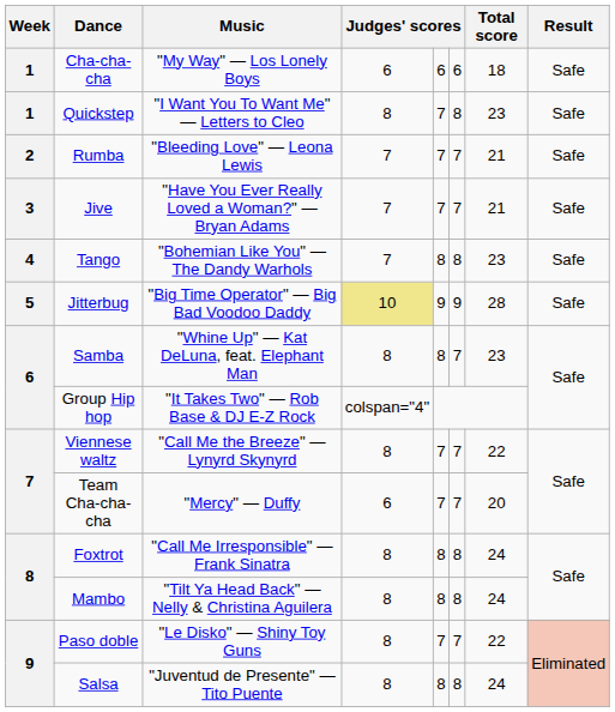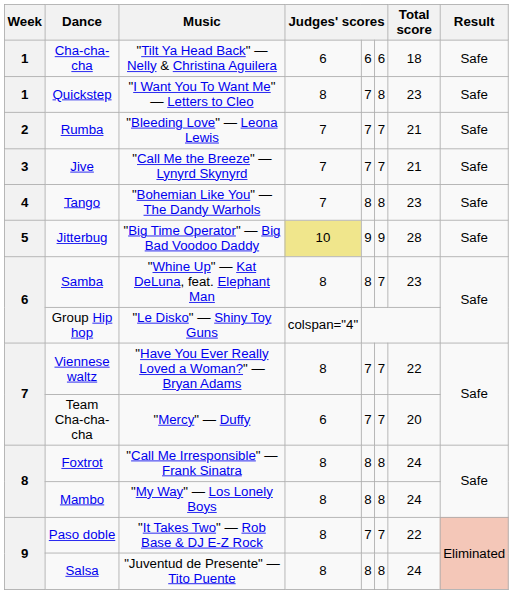 <table class="wikitable unsortable" style="text-align:center;">
 <tr>
 <th scope="col">Week</th>
 <th scope="col">Dance</th>
 <th scope="col">Music</th>
 <th scope="col" colspan="3">Judges' scores</th>
 <th>Total score</th>
 <th scope="col">Result</th>
 </tr>
 <tr>
 <th scope="row">1<br></th>
 <td><a href='#'>Cha-cha-cha</a></td>
-<td>"<a href='#'>My Way</a>" — <a href='#'>Los Lonely Boys</a></td>
+<td>"<a href='#'>Tilt Ya Head Back</a>" — <a href='#'>Nelly</a> & <a href='#'>Christina Aguilera</a></td>
 <td>6</td>
 <td>6</td>
 <td>6</td>
 <td>18</td>
 <td>Safe</td>
 </tr>
 <tr>
 <th scope="row">1<br></th>
 <td><a href='#'>Quickstep</a></td>
 <td>"<a href='#'>I Want You To Want Me</a>" — <a href='#'>Letters to Cleo</a></td>
 <td>8</td>
 <td>7</td>
 <td>8</td>
 <td>23</td>
 <td>Safe</td>
 </tr>
 <tr>
 <th scope="row">2</th>
 <td><a href='#'>Rumba</a></td>
 <td>"<a href='#'>Bleeding Love</a>" — <a href='#'>Leona Lewis</a></td>
 <td>7</td>
 <td>7</td>
 <td>7</td>
 <td>21</td>
 <td>Safe</td>
 </tr>
 <tr>
 <th scope="row">3</th>
 <td><a href='#'>Jive</a></td>
-<td>"<a href='#'>Have You Ever Really Loved a Woman?</a>" — <a href='#'>Bryan Adams</a></td>
+<td>"<a href='#'>Call Me the Breeze</a>" — <a href='#'>Lynyrd Skynyrd</a></td>
 <td>7</td>
 <td>7</td>
 <td>7</td>
 <td>21</td>
 <td>Safe</td>
 </tr>
 <tr>
 <th scope="row">4</th>
 <td><a href='#'>Tango</a></td>
 <td>"<a href='#'>Bohemian Like You</a>" — <a href='#'>The Dandy Warhols</a></td>
 <td>7</td>
 <td>8</td>
 <td>8</td>
 <td>23</td>
 <td>Safe</td>
 </tr>
 <tr>
 <th scope="row">5</th>
 <td><a href='#'>Jitterbug</a></td>
 <td>"<a href='#'>Big Time Operator</a>" — <a href='#'>Big Bad Voodoo Daddy</a></td>
 <td style="background: khaki;">10</td>
 <td>9</td>
 <td>9</td>
 <td>28</td>
 <td>Safe</td>
 </tr>
 <tr>
 <th rowspan="2" scope="row">6</th>
 <td><a href='#'>Samba</a></td>
 <td>"<a href='#'>Whine Up</a>" — <a href='#'>Kat DeLuna</a>, feat. <a href='#'>Elephant Man</a></td>
 <td>8</td>
 <td>8</td>
 <td>7</td>
 <td>23</td>
 <td rowspan="2">Safe</td>
 </tr>
 <tr>
 <td>Group <a href='#'>Hip hop</a></td>
-<td>"<a href='#'>It Takes Two</a>" — <a href='#'>Rob Base & DJ E-Z Rock</a></td>
+<td>"<a href='#'>Le Disko</a>" — <a href='#'>Shiny Toy Guns</a></td>
 <td>colspan="4" </td>
 </tr>
 <tr>
 <th rowspan="2" scope="row" style="font-weight:normal"><strong>7</strong><br></th>
 <td><a href='#'>Viennese waltz</a></td>
-<td>"<a href='#'>Call Me the Breeze</a>" — <a href='#'>Lynyrd Skynyrd</a></td>
+<td>"<a href='#'>Have You Ever Really Loved a Woman?</a>" — <a href='#'>Bryan Adams</a></td>
 <td>8</td>
 <td>7</td>
 <td>7</td>
 <td>22</td>
 <td rowspan="2">Safe</td>
 </tr>
 <tr>
 <td>Team<br>Cha-cha-cha</td>
 <td>"<a href='#'>Mercy</a>" — <a href='#'>Duffy</a></td>
 <td>6</td>
 <td>7</td>
 <td>7</td>
 <td>20</td>
 </tr>
 <tr>
 <th rowspan="2" scope="row" style="font-weight:normal"><strong>8</strong><br></th>
 <td><a href='#'>Foxtrot</a></td>
 <td>"<a href='#'>Call Me Irresponsible</a>" — <a href='#'>Frank Sinatra</a></td>
 <td>8</td>
 <td>8</td>
 <td>8</td>
 <td>24</td>
 <td rowspan="2">Safe</td>
 </tr>
 <tr>
 <td><a href='#'>Mambo</a></td>
-<td>"<a href='#'>Tilt Ya Head Back</a>" — <a href='#'>Nelly</a> & <a href='#'>Christina Aguilera</a></td>
+<td>"<a href='#'>My Way</a>" — <a href='#'>Los Lonely Boys</a></td>
 <td>8</td>
 <td>8</td>
 <td>8</td>
 <td>24</td>
 </tr>
 <tr>
 <th rowspan="2" scope="row">9</th>
 <td><a href='#'>Paso doble</a></td>
-<td>"<a href='#'>Le Disko</a>" — <a href='#'>Shiny Toy Guns</a></td>
+<td>"<a href='#'>It Takes Two</a>" — <a href='#'>Rob Base & DJ E-Z Rock</a></td>
 <td>8</td>
 <td>7</td>
 <td>7</td>
 <td>22</td>
 <td rowspan="2" bgcolor=f4c7b8>Eliminated</td>
 </tr>
 <tr>
 <td><a href='#'>Salsa</a></td>
 <td>"Juventud de Presente" — <a href='#'>Tito Puente</a></td>
 <td>8</td>
 <td>8</td>
 <td>8</td>
 <td>24</td>
 </tr>
 </table>
